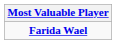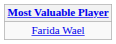 <table class=wikitable style="text-align:center; margin:auto">
 <tr>
 <th><a href='#'>Most Valuable Player</a></th>
 </tr>
 <tr>
-<td><strong> <a href='#'>Farida Wael</a></strong></td>
+<td> <a href='#'>Farida Wael</a></td>
 </tr>
 </table>
